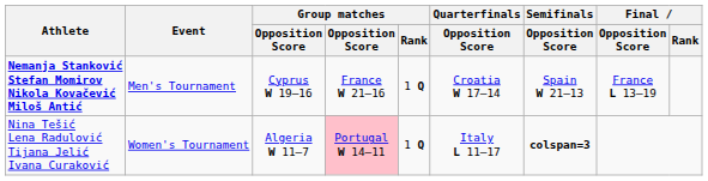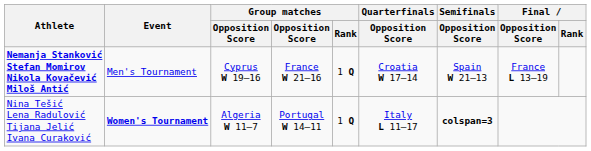 <table class=wikitable style="font-size:90%">
 <tr>
 <th rowspan="2">Athlete</th>
 <th rowspan="2">Event</th>
 <th colspan="3">Group matches</th>
 <th>Quarterfinals</th>
 <th>Semifinals</th>
 <th colspan=2>Final / </th>
 </tr>
 <tr>
 <th>Opposition<br>Score</th>
 <th>Opposition<br>Score</th>
 <th>Rank</th>
 <th>Opposition<br>Score</th>
 <th>Opposition<br>Score</th>
 <th>Opposition<br>Score</th>
 <th>Rank</th>
 </tr>
 <tr align=center>
 <td align=left><strong><a href='#'>Nemanja Stanković</a><br><a href='#'>Stefan Momirov</a><br><a href='#'>Nikola Kovačević</a><br><a href='#'>Miloš Antić</a></strong></td>
 <td align=left><a href='#'>Men's Tournament</a></td>
 <td> <a href='#'>Cyprus</a><br><strong>W</strong> 19–16</td>
 <td> <a href='#'>France</a><br><strong>W</strong> 21–16</td>
 <td>1 <strong>Q</strong></td>
 <td> <a href='#'>Croatia</a><br><strong>W</strong> 17–14</td>
 <td> <a href='#'>Spain</a><br><strong>W</strong> 21–13</td>
 <td> <a href='#'>France</a><br><strong>L</strong> 13–19</td>
 <td></td>
 </tr>
 <tr align=center>
 <td align=left><a href='#'>Nina Tešić</a><br><a href='#'>Lena Radulović</a><br><a href='#'>Tijana Jelić</a><br><a href='#'>Ivana Curaković</a></td>
-<td align=left><a href='#'>Women's Tournament</a></td>
+<td align=left><strong><a href='#'>Women's Tournament</a></strong></td>
 <td> <a href='#'>Algeria</a><br><strong>W</strong> 11–7</td>
-<td style="background: pink;"> <a href='#'>Portugal</a><br><strong>W</strong> 14–11</td>
+<td> <a href='#'>Portugal</a><br><strong>W</strong> 14–11</td>
 <td>1 <strong>Q</strong></td>
 <td> <a href='#'>Italy</a><br><strong>L</strong> 11–17</td>
 <td><strong>colspan=3 </strong></td>
 </tr>
 </table>
